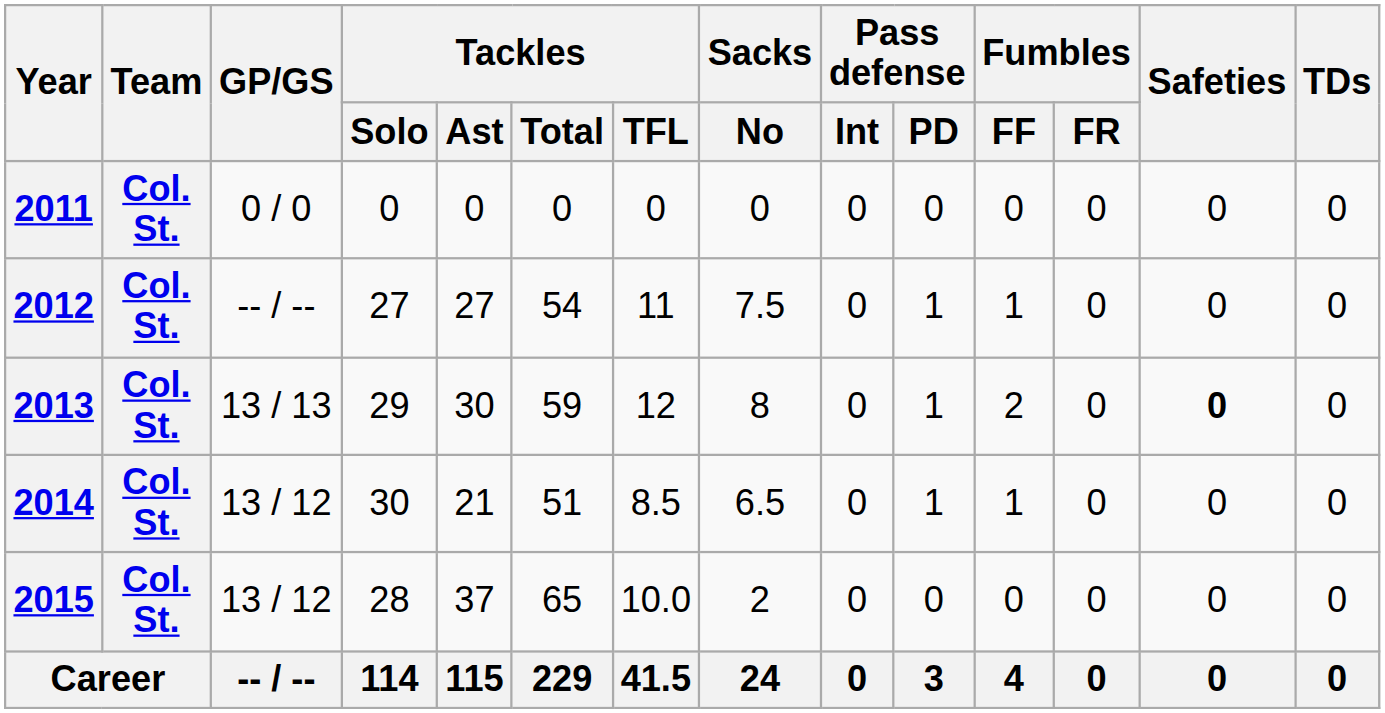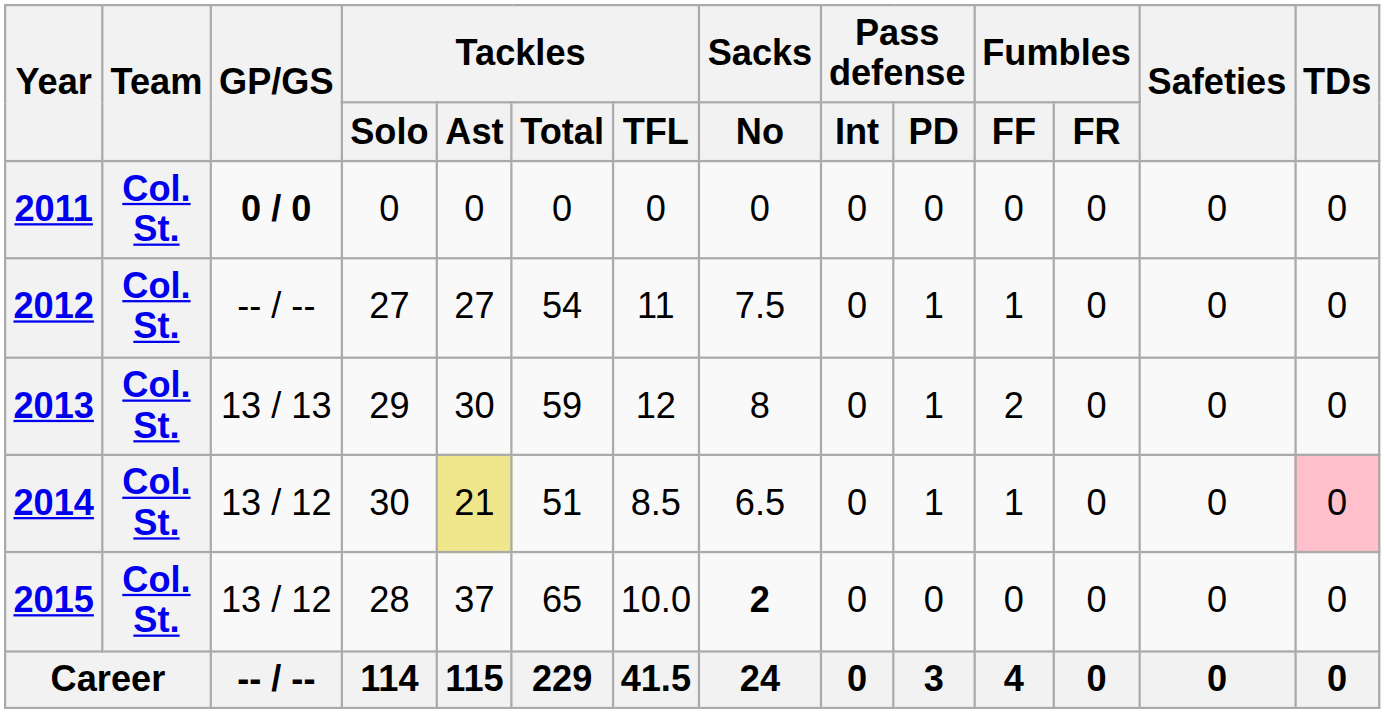 <table class="wikitable" float="left" border="1" style="text-align:center; width:45%;">
 <tr>
 <th rowspan=2>Year</th>
 <th rowspan=2>Team</th>
 <th rowspan=2>GP/GS</th>
 <th colspan=4>Tackles</th>
 <th>Sacks</th>
 <th colspan=2>Pass defense</th>
 <th colspan=2>Fumbles</th>
 <th rowspan=2>Safeties</th>
 <th rowspan=2>TDs</th>
 </tr>
 <tr>
 <th>Solo</th>
 <th>Ast</th>
 <th>Total</th>
 <th>TFL</th>
 <th>No</th>
 <th>Int</th>
 <th>PD</th>
 <th>FF</th>
 <th>FR</th>
 </tr>
 <tr>
 <th><a href='#'>2011</a></th>
 <th><a href='#'>Col. St.</a></th>
-<td>0 / 0</td>
+<td><strong>0 / 0</strong></td>
 <td>0</td>
 <td>0</td>
 <td>0</td>
 <td>0</td>
 <td>0</td>
 <td>0</td>
 <td>0</td>
 <td>0</td>
 <td>0</td>
 <td>0</td>
 <td>0</td>
 </tr>
 <tr>
 <th><a href='#'>2012</a></th>
 <th><a href='#'>Col. St.</a></th>
 <td>-- / --</td>
 <td>27</td>
 <td>27</td>
 <td>54</td>
 <td>11</td>
 <td>7.5</td>
 <td>0</td>
 <td>1</td>
 <td>1</td>
 <td>0</td>
 <td>0</td>
 <td>0</td>
 </tr>
 <tr>
 <th><a href='#'>2013</a></th>
 <th><a href='#'>Col. St.</a></th>
 <td>13 / 13</td>
 <td>29</td>
 <td>30</td>
 <td>59</td>
 <td>12</td>
 <td>8</td>
 <td>0</td>
 <td>1</td>
 <td>2</td>
 <td>0</td>
-<td><strong>0</strong></td>
+<td>0</td>
 <td>0</td>
 </tr>
 <tr>
 <th><a href='#'>2014</a></th>
 <th><a href='#'>Col. St.</a></th>
 <td>13 / 12</td>
 <td>30</td>
-<td>21</td>
+<td style="background: khaki;">21</td>
 <td>51</td>
 <td>8.5</td>
 <td>6.5</td>
 <td>0</td>
 <td>1</td>
 <td>1</td>
 <td>0</td>
 <td>0</td>
-<td>0</td>
+<td style="background: pink;">0</td>
 </tr>
 <tr>
 <th><a href='#'>2015</a></th>
 <th><a href='#'>Col. St.</a></th>
 <td>13 / 12</td>
 <td>28</td>
 <td>37</td>
 <td>65</td>
 <td>10.0</td>
-<td>2</td>
+<td><strong>2</strong></td>
 <td>0</td>
 <td>0</td>
 <td>0</td>
 <td>0</td>
 <td>0</td>
 <td>0</td>
 </tr>
 <tr>
 <th colspan="2">Career</th>
 <th>-- / --</th>
 <th>114</th>
 <th>115</th>
 <th>229</th>
 <th>41.5</th>
 <th>24</th>
 <th>0</th>
 <th>3</th>
 <th>4</th>
 <th>0</th>
 <th>0</th>
 <th>0</th>
 </tr>
 </table>
